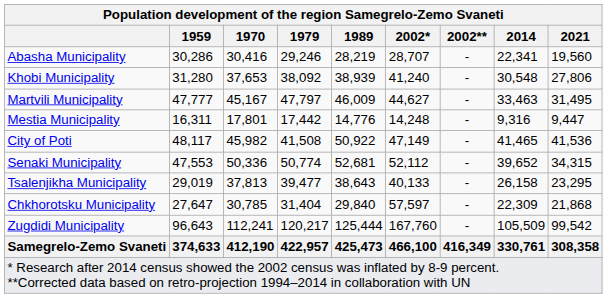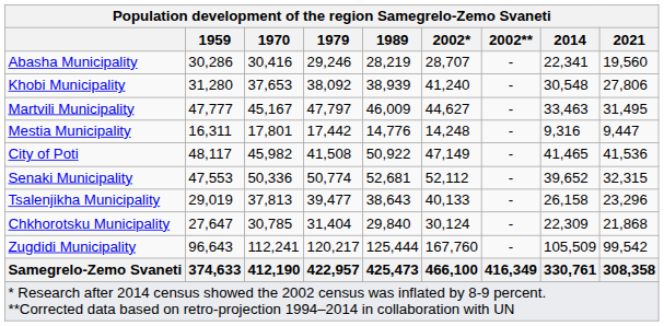 <table class="wikitable">
 <tr>
 <th colspan=19>Population development of the region Samegrelo-Zemo Svaneti</th>
 </tr>
 <tr>
 <th></th>
 <th>1959</th>
 <th>1970</th>
 <th>1979</th>
 <th>1989</th>
 <th>2002*</th>
 <th>2002**</th>
 <th>2014</th>
 <th>2021</th>
 </tr>
 <tr>
 <td><a href='#'>Abasha Municipality</a></td>
 <td>30,286</td>
 <td> 30,416</td>
 <td> 29,246</td>
 <td> 28,219</td>
 <td> 28,707</td>
 <td align=center>-</td>
 <td> 22,341</td>
 <td> 19,560</td>
 </tr>
 <tr>
 <td><a href='#'>Khobi Municipality</a></td>
 <td>31,280</td>
 <td> 37,653</td>
 <td> 38,092</td>
 <td> 38,939</td>
 <td> 41,240</td>
 <td align=center>-</td>
 <td> 30,548</td>
 <td> 27,806</td>
 </tr>
 <tr>
 <td><a href='#'>Martvili Municipality</a></td>
 <td>47,777</td>
 <td> 45,167</td>
 <td> 47,797</td>
 <td> 46,009</td>
 <td> 44,627</td>
 <td align=center>-</td>
 <td> 33,463</td>
 <td> 31,495</td>
 </tr>
 <tr>
 <td><a href='#'>Mestia Municipality</a></td>
 <td>16,311</td>
 <td> 17,801</td>
 <td> 17,442</td>
 <td> 14,776</td>
 <td> 14,248</td>
 <td align=center>-</td>
 <td> 9,316</td>
 <td> 9,447</td>
 </tr>
 <tr>
 <td><a href='#'>City of Poti</a></td>
 <td>48,117</td>
 <td> 45,982</td>
 <td> 41,508</td>
 <td> 50,922</td>
 <td> 47,149</td>
 <td align=center>-</td>
 <td> 41,465</td>
 <td> 41,536</td>
 </tr>
 <tr>
 <td><a href='#'>Senaki Municipality</a></td>
 <td>47,553</td>
 <td> 50,336</td>
 <td> 50,774</td>
 <td> 52,681</td>
 <td> 52,112</td>
 <td align=center>-</td>
 <td> 39,652</td>
-<td> 34,315</td>
+<td> 32,315</td>
 </tr>
 <tr>
 <td><a href='#'>Tsalenjikha Municipality</a></td>
 <td>29,019</td>
 <td> 37,813</td>
 <td> 39,477</td>
 <td> 38,643</td>
 <td> 40,133</td>
 <td align=center>-</td>
 <td> 26,158</td>
-<td> 23,295</td>
+<td> 23,296</td>
 </tr>
 <tr>
 <td><a href='#'>Chkhorotsku Municipality</a></td>
 <td>27,647</td>
 <td> 30,785</td>
 <td> 31,404</td>
 <td> 29,840</td>
-<td> 57,597</td>
+<td> 30,124</td>
 <td align=center>-</td>
 <td> 22,309</td>
 <td> 21,868</td>
 </tr>
 <tr>
 <td><a href='#'>Zugdidi Municipality</a></td>
 <td>96,643</td>
 <td> 112,241</td>
 <td> 120,217</td>
 <td> 125,444</td>
 <td> 167,760</td>
 <td align=center>-</td>
 <td> 105,509</td>
 <td> 99,542</td>
 </tr>
 <tr>
 <th>Samegrelo-Zemo Svaneti</th>
 <th>374,633</th>
 <th> 412,190</th>
 <th> 422,957</th>
 <th> 425,473</th>
 <th>466,100</th>
 <th> 416,349</th>
 <th> 330,761</th>
 <th> 308,358</th>
 </tr>
 <tr>
 <td colspan=10 class="wikitable" style="align:left;text-align:left;background-color:#eaecf0">* Research after 2014 census showed the 2002 census was inflated by 8-9 percent.<br>**Corrected data based on retro-projection 1994–2014 in collaboration with UN</td>
 </tr>
 </table>
